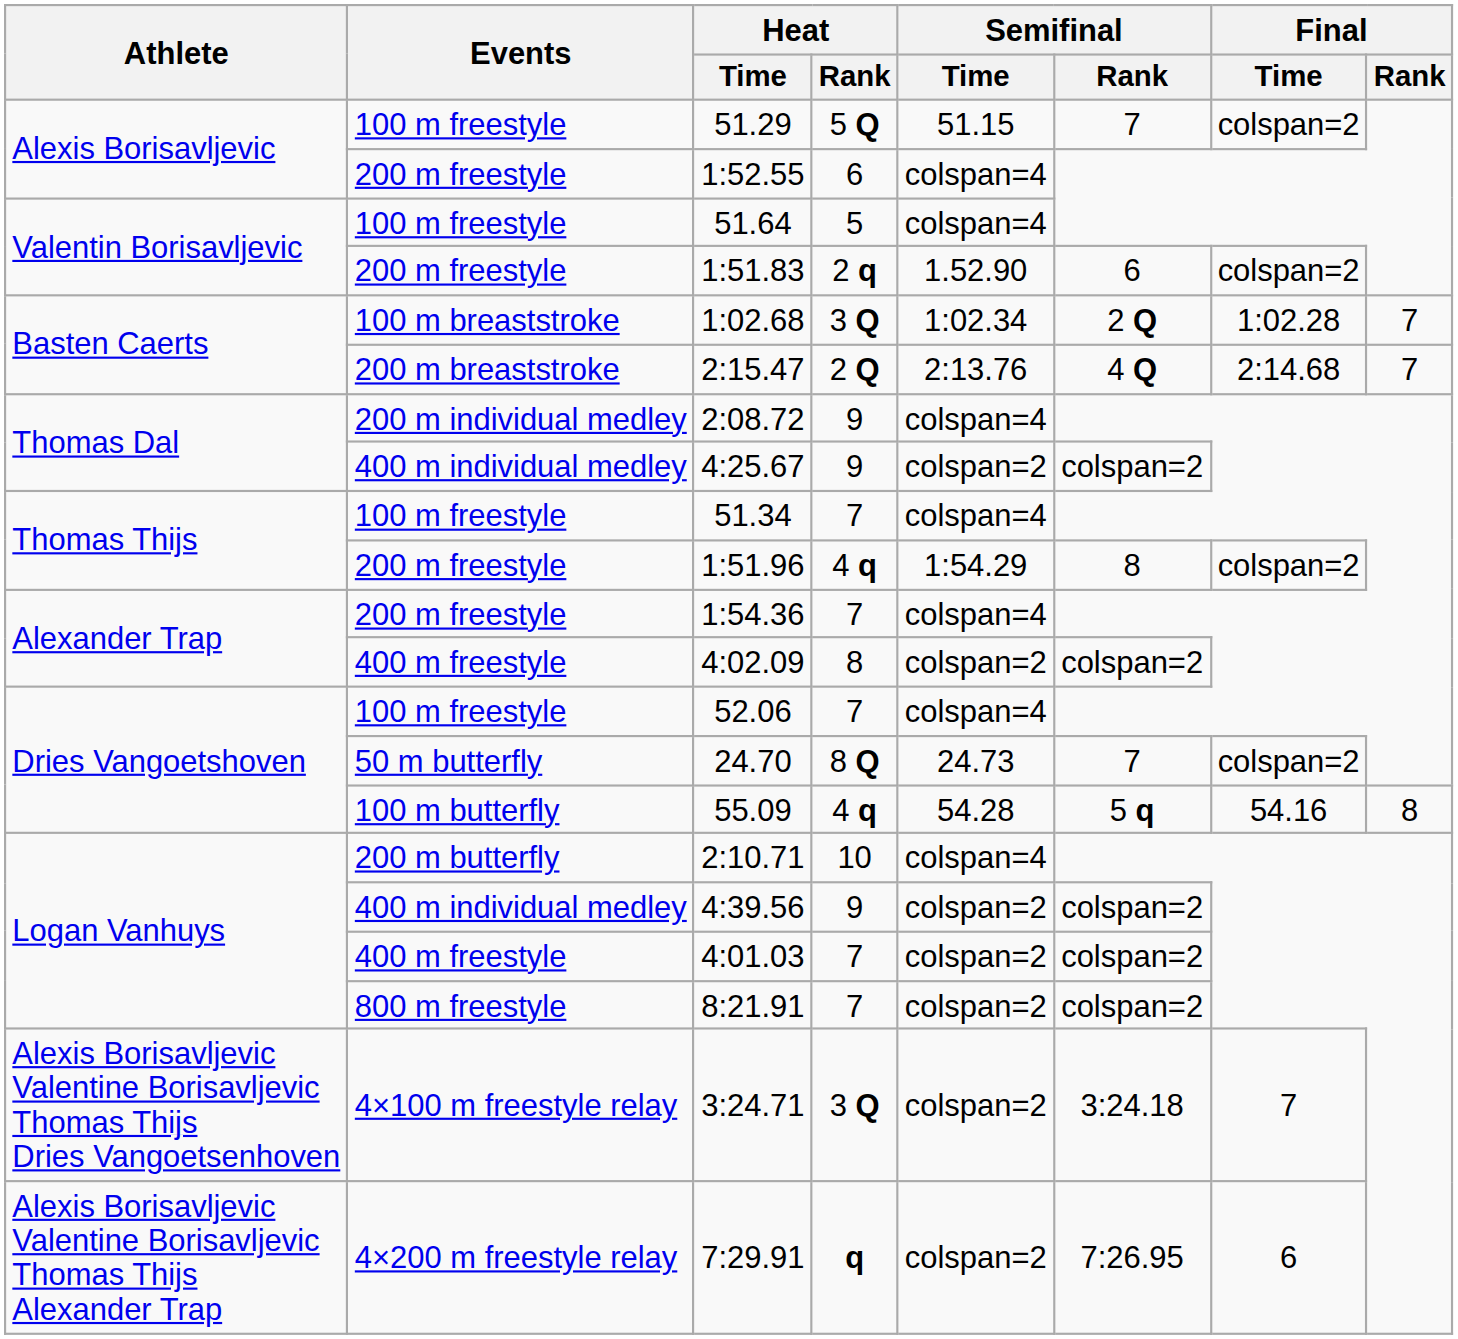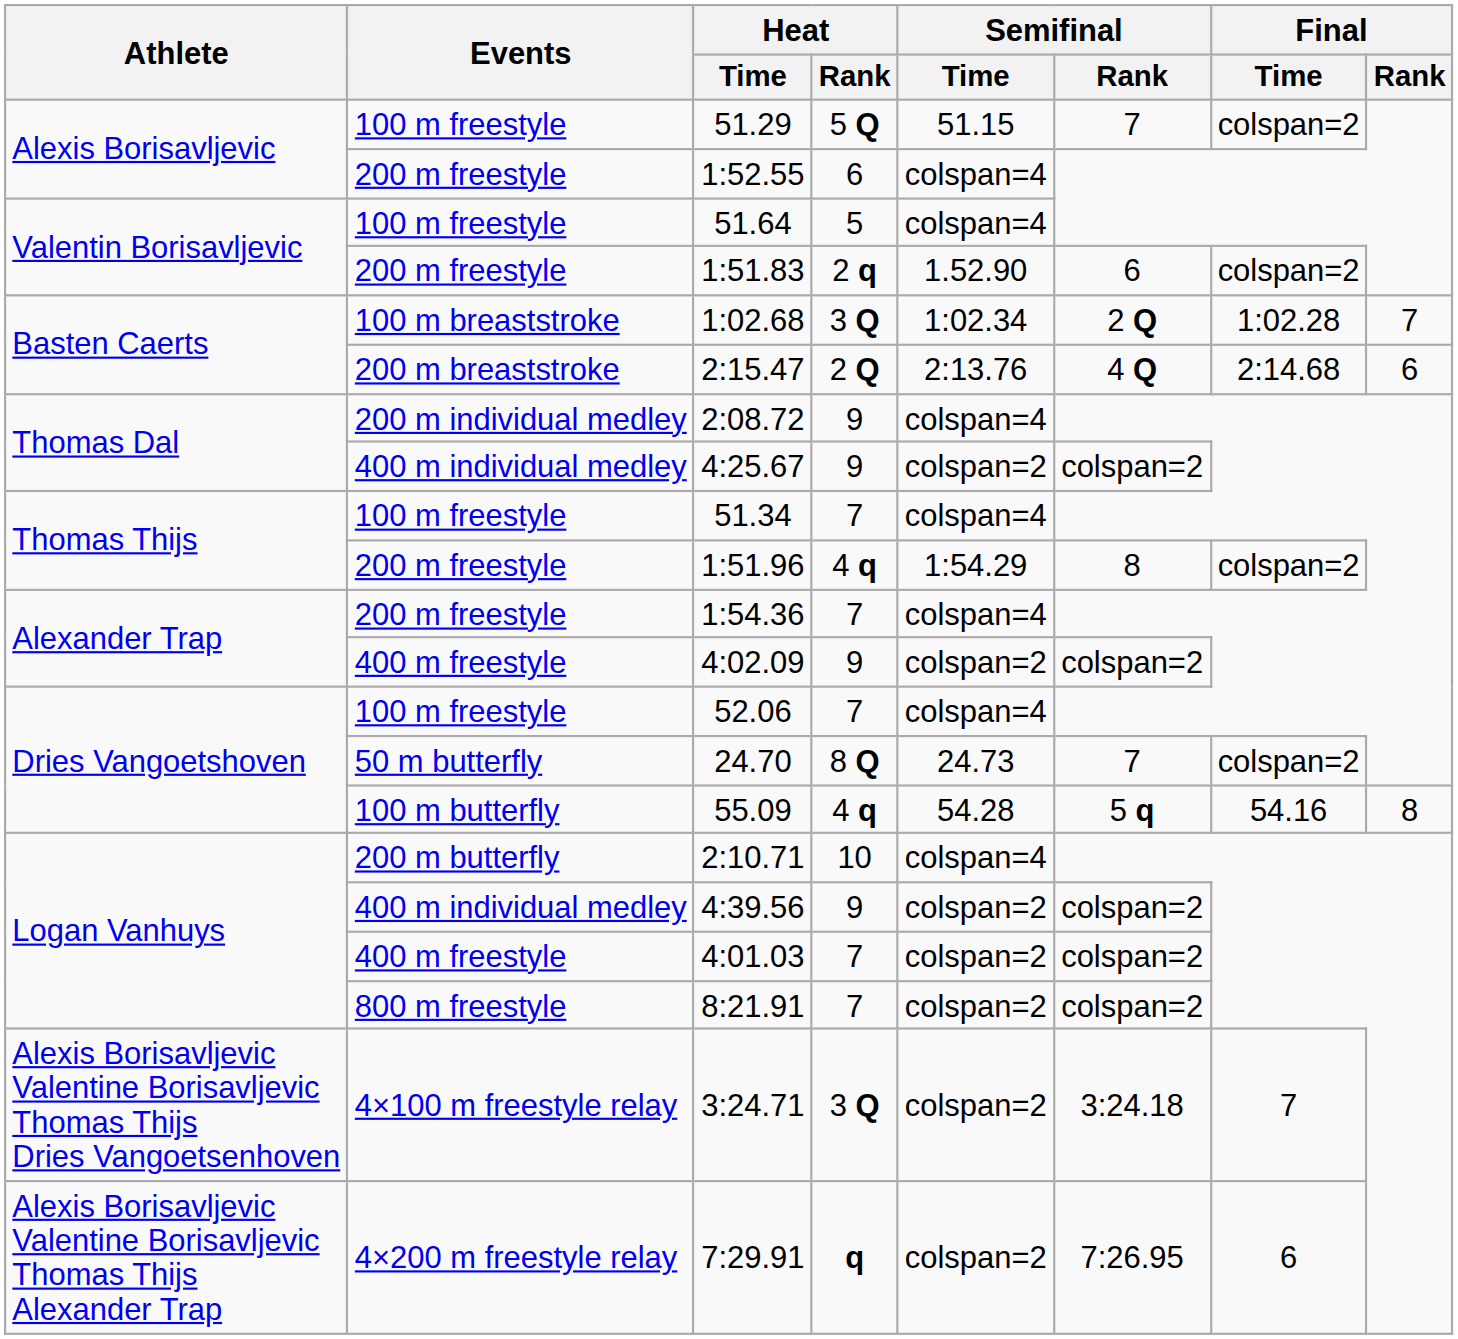 <table class=wikitable style="font-size:90%">
 <tr>
 <th rowspan="2">Athlete</th>
 <th rowspan="2">Events</th>
 <th colspan="2">Heat</th>
 <th colspan="2">Semifinal</th>
 <th colspan="2">Final</th>
 </tr>
 <tr style="font-size:95%">
 <th>Time</th>
 <th>Rank</th>
 <th>Time</th>
 <th>Rank</th>
 <th>Time</th>
 <th>Rank</th>
 </tr>
 <tr align=center>
 <td align=left rowspan=2><a href='#'>Alexis Borisavljevic</a></td>
 <td align=left><a href='#'>100 m freestyle</a></td>
 <td>51.29</td>
 <td>5 <strong>Q</strong></td>
 <td>51.15</td>
 <td>7</td>
 <td>colspan=2 </td>
 </tr>
 <tr align=center>
 <td align=left><a href='#'>200 m freestyle</a></td>
 <td>1:52.55</td>
 <td>6</td>
 <td>colspan=4 </td>
 </tr>
 <tr align=center>
 <td style="text-align:left;" rowspan="2"><a href='#'>Valentin Borisavljevic</a></td>
 <td align=left><a href='#'>100 m freestyle</a></td>
 <td>51.64</td>
 <td>5</td>
 <td>colspan=4 </td>
 </tr>
 <tr align=center>
 <td align=left><a href='#'>200 m freestyle</a></td>
 <td>1:51.83</td>
 <td>2 <strong>q</strong></td>
 <td>1.52.90</td>
 <td>6</td>
 <td>colspan=2 </td>
 </tr>
 <tr align=center>
 <td align=left rowspan=2><a href='#'>Basten Caerts</a></td>
 <td align=left><a href='#'>100 m breaststroke</a></td>
 <td>1:02.68</td>
 <td>3 <strong>Q</strong></td>
 <td>1:02.34</td>
 <td>2 <strong>Q</strong></td>
 <td>1:02.28</td>
 <td>7</td>
 </tr>
 <tr align=center>
 <td align=left><a href='#'>200 m breaststroke</a></td>
 <td>2:15.47</td>
 <td>2 <strong>Q</strong></td>
 <td>2:13.76</td>
 <td>4 <strong>Q</strong></td>
 <td>2:14.68</td>
-<td>7</td>
+<td>6</td>
 </tr>
 <tr align=center>
 <td align=left rowspan=2><a href='#'>Thomas Dal</a></td>
 <td align=left><a href='#'>200 m individual medley</a></td>
 <td>2:08.72</td>
 <td>9</td>
 <td>colspan=4 </td>
 </tr>
 <tr align=center>
 <td align=left><a href='#'>400 m individual medley</a></td>
 <td>4:25.67</td>
 <td>9</td>
 <td>colspan=2 </td>
 <td>colspan=2 </td>
 </tr>
 <tr align=center>
 <td style="text-align:left;" rowspan="2"><a href='#'>Thomas Thijs</a></td>
 <td align=left><a href='#'>100 m freestyle</a></td>
 <td>51.34</td>
 <td>7</td>
 <td>colspan=4 </td>
 </tr>
 <tr align=center>
 <td align=left><a href='#'>200 m freestyle</a></td>
 <td>1:51.96</td>
 <td>4 <strong>q</strong></td>
 <td>1:54.29</td>
 <td>8</td>
 <td>colspan=2 </td>
 </tr>
 <tr align=center>
 <td align=left rowspan=2><a href='#'>Alexander Trap</a></td>
 <td align=left><a href='#'>200 m freestyle</a></td>
 <td>1:54.36</td>
 <td>7</td>
 <td>colspan=4 </td>
 </tr>
 <tr align=center>
 <td align=left><a href='#'>400 m freestyle</a></td>
 <td>4:02.09</td>
-<td>8</td>
+<td>9</td>
 <td>colspan=2 </td>
 <td>colspan=2 </td>
 </tr>
 <tr align=center>
 <td align=left rowspan=3><a href='#'>Dries Vangoetshoven</a></td>
 <td align=left><a href='#'>100 m freestyle</a></td>
 <td>52.06</td>
 <td>7</td>
 <td>colspan=4 </td>
 </tr>
 <tr align=center>
 <td align=left><a href='#'>50 m butterfly</a></td>
 <td>24.70</td>
 <td>8 <strong>Q</strong></td>
 <td>24.73</td>
 <td>7</td>
 <td>colspan=2 </td>
 </tr>
 <tr align=center>
 <td align=left><a href='#'>100 m butterfly</a></td>
 <td>55.09</td>
 <td>4 <strong>q</strong></td>
 <td>54.28</td>
 <td>5 <strong>q</strong></td>
 <td>54.16</td>
 <td>8</td>
 </tr>
 <tr align=center>
 <td align=left rowspan=4><a href='#'>Logan Vanhuys</a></td>
 <td align=left><a href='#'>200 m butterfly</a></td>
 <td>2:10.71</td>
 <td>10</td>
 <td>colspan=4 </td>
 </tr>
 <tr align=center>
 <td align=left><a href='#'>400 m individual medley</a></td>
 <td>4:39.56</td>
 <td>9</td>
 <td>colspan=2 </td>
 <td>colspan=2 </td>
 </tr>
 <tr align=center>
 <td align=left><a href='#'>400 m freestyle</a></td>
 <td>4:01.03</td>
 <td>7</td>
 <td>colspan=2 </td>
 <td>colspan=2 </td>
 </tr>
 <tr align=center>
 <td align=left><a href='#'>800 m freestyle</a></td>
 <td>8:21.91</td>
 <td>7</td>
 <td>colspan=2 </td>
 <td>colspan=2 </td>
 </tr>
 <tr align=center>
 <td align=left><a href='#'>Alexis Borisavljevic</a><br> <a href='#'>Valentine Borisavljevic</a><br> <a href='#'>Thomas Thijs</a><br><a href='#'>Dries Vangoetsenhoven</a></td>
 <td align=left><a href='#'>4×100 m freestyle relay</a></td>
 <td>3:24.71</td>
 <td>3 <strong>Q</strong></td>
 <td>colspan=2 </td>
 <td>3:24.18</td>
 <td>7</td>
 </tr>
 <tr align=center>
 <td align=left><a href='#'>Alexis Borisavljevic</a><br> <a href='#'>Valentine Borisavljevic</a><br> <a href='#'>Thomas Thijs</a><br><a href='#'>Alexander Trap</a></td>
 <td align=left><a href='#'>4×200 m freestyle relay</a></td>
 <td>7:29.91</td>
 <td><strong>q</strong></td>
 <td>colspan=2 </td>
 <td>7:26.95</td>
 <td>6</td>
 </tr>
 </table>
